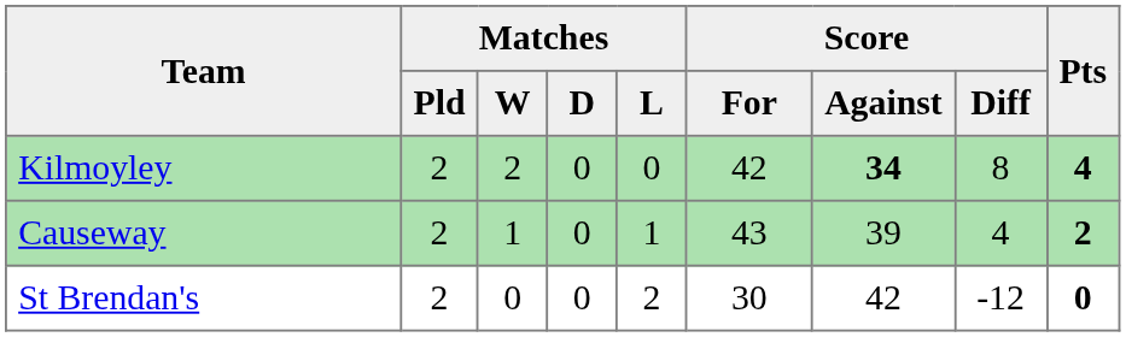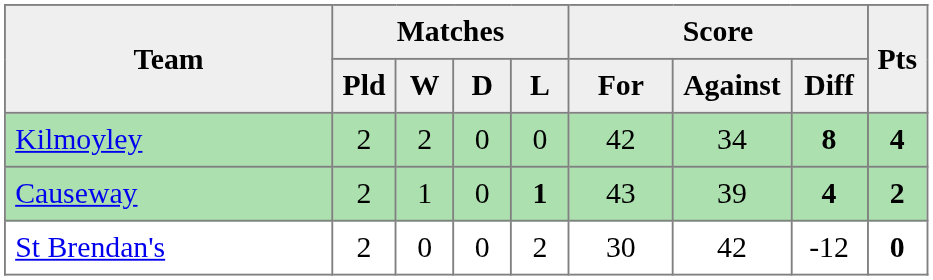 <table style=border-collapse:collapse border=1 cellspacing=0 cellpadding=5>
 <tr align=center bgcolor=#efefef>
 <th rowspan=2 width=165>Team</th>
 <th colspan=4>Matches</th>
 <th colspan=3>Score</th>
 <th rowspan=2width=20>Pts</th>
 </tr>
 <tr align=center bgcolor=#efefef>
 <th width=20>Pld</th>
 <th width=20>W</th>
 <th width=20>D</th>
 <th width=20>L</th>
 <th width=45>For</th>
 <th width=45>Against</th>
 <th width=30>Diff</th>
 </tr>
 <tr align=center style="background:#ACE1AF;">
 <td style="text-align:left;"><a href='#'>Kilmoyley</a></td>
 <td>2</td>
 <td>2</td>
 <td>0</td>
 <td>0</td>
 <td>42</td>
-<td><strong>34</strong></td>
-<td>8</td>
+<td>34</td>
+<td><strong>8</strong></td>
 <td><strong>4</strong></td>
 </tr>
 <tr align=center style="background:#ACE1AF;">
 <td style="text-align:left;"><a href='#'>Causeway</a></td>
 <td>2</td>
 <td>1</td>
 <td>0</td>
-<td>1</td>
+<td><strong>1</strong></td>
 <td>43</td>
 <td>39</td>
-<td>4</td>
+<td><strong>4</strong></td>
 <td><strong>2</strong></td>
 </tr>
 <tr align=center>
 <td style="text-align:left;"><a href='#'>St Brendan's</a></td>
 <td>2</td>
 <td>0</td>
 <td>0</td>
 <td>2</td>
 <td>30</td>
 <td>42</td>
 <td>-12</td>
 <td><strong>0</strong></td>
 </tr>
 </table>
